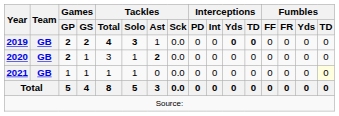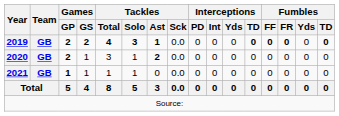 <table class="wikitable" style="text-align:center;">
 <tr>
 <th rowspan="2">Year</th>
 <th rowspan="2">Team</th>
 <th colspan="2">Games</th>
 <th colspan="4">Tackles</th>
 <th colspan="4">Interceptions</th>
 <th colspan="4">Fumbles</th>
 </tr>
 <tr>
 <th>GP</th>
 <th>GS</th>
 <th>Total</th>
 <th>Solo</th>
 <th>Ast</th>
 <th>Sck</th>
 <th>PD</th>
 <th>Int</th>
 <th>Yds</th>
 <th>TD</th>
 <th>FF</th>
 <th>FR</th>
 <th>Yds</th>
 <th>TD</th>
 </tr>
 <tr>
 <th><a href='#'>2019</a></th>
 <th><a href='#'>GB</a></th>
 <td><strong>2</strong></td>
 <td><strong>2</strong></td>
 <td><strong>4</strong></td>
 <td><strong>3</strong></td>
-<td>1</td>
+<td><strong>1</strong></td>
 <td>0.0</td>
+<td>0</td>
 <td>0</td>
 <td>0</td>
 <td><strong>0</strong></td>
 <td><strong>0</strong></td>
+<td><strong>0</strong></td>
 <td>0</td>
-<td>0</td>
-<td>0</td>
-<td>0</td>
+<td><strong>0</strong></td>
 </tr>
 <tr>
 <th><a href='#'>2020</a></th>
 <th><a href='#'>GB</a></th>
 <td><strong>2</strong></td>
 <td>1</td>
 <td>3</td>
 <td>1</td>
 <td><strong>2</strong></td>
 <td>0.0</td>
 <td>0</td>
 <td>0</td>
 <td>0</td>
 <td>0</td>
 <td>0</td>
 <td>0</td>
 <td>0</td>
 <td>0</td>
 </tr>
 <tr>
 <th><a href='#'>2021</a></th>
 <th><a href='#'>GB</a></th>
-<td>1</td>
+<td><strong>1</strong></td>
 <td>1</td>
 <td>1</td>
 <td>1</td>
 <td>0</td>
 <td>0.0</td>
 <td>0</td>
 <td>0</td>
 <td>0</td>
 <td>0</td>
 <td>0</td>
 <td>0</td>
 <td>0</td>
-<td style="background: lightyellow;">0</td>
+<td>0</td>
 </tr>
 <tr>
 <th colspan=2>Total</th>
 <th>5</th>
 <th>4</th>
 <th>8</th>
 <th>5</th>
 <th>3</th>
 <th>0.0</th>
 <th>0</th>
 <th>0</th>
 <th>0</th>
 <th>0</th>
 <th>0</th>
 <th>0</th>
 <th>0</th>
 <th>0</th>
 </tr>
 <tr>
 <td colspan=16><small>Source: </small></td>
 </tr>
 </table>
